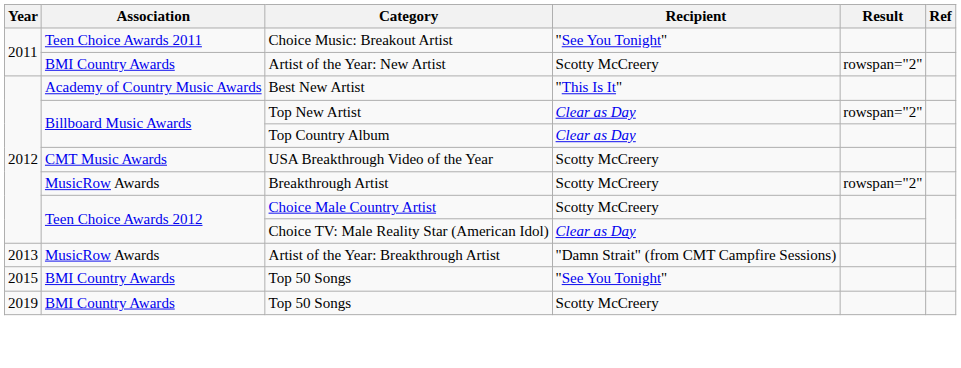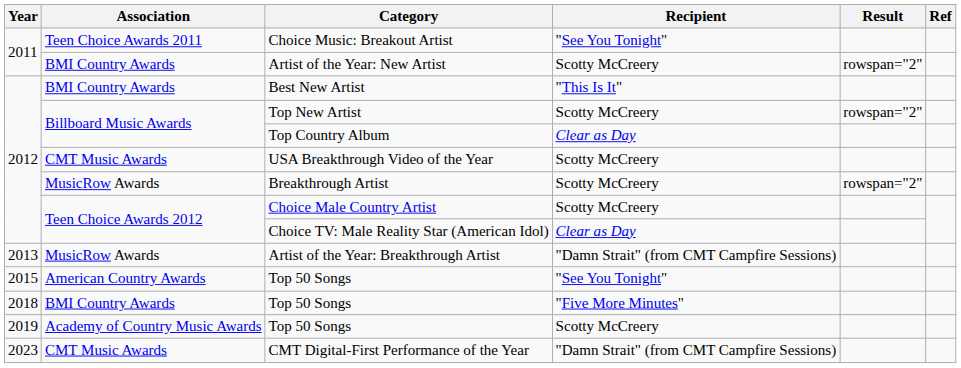 <table class="wikitable">
 <tr>
 <th>Year</th>
 <th>Association</th>
 <th>Category</th>
 <th>Recipient</th>
 <th>Result</th>
 <th>Ref</th>
 </tr>
 <tr>
 <td rowspan="2">2011</td>
 <td><a href='#'>Teen Choice Awards 2011</a></td>
 <td>Choice Music: Breakout Artist</td>
 <td>"<a href='#'>See You Tonight</a>"</td>
 <td></td>
 <td></td>
 </tr>
 <tr>
 <td><a href='#'>BMI Country Awards</a></td>
 <td>Artist of the Year: New Artist</td>
 <td>Scotty McCreery</td>
 <td>rowspan="2" </td>
 <td></td>
 </tr>
 <tr>
 <td rowspan="7">2012</td>
-<td><a href='#'>Academy of Country Music Awards</a></td>
+<td><a href='#'>BMI Country Awards</a></td>
 <td>Best New Artist</td>
 <td>"<a href='#'>This Is It</a>"</td>
 <td></td>
 </tr>
 <tr>
 <td rowspan="2"><a href='#'>Billboard Music Awards</a></td>
 <td>Top New Artist</td>
-<td><em><a href='#'>Clear as Day</a></em></td>
+<td>Scotty McCreery</td>
 <td>rowspan="2" </td>
 <td></td>
 </tr>
 <tr>
 <td>Top Country Album</td>
 <td><em><a href='#'>Clear as Day</a></em></td>
 <td></td>
 </tr>
 <tr>
 <td><a href='#'>CMT Music Awards</a></td>
 <td>USA Breakthrough Video of the Year</td>
 <td>Scotty McCreery</td>
 <td></td>
 <td></td>
 </tr>
 <tr>
 <td><a href='#'>MusicRow</a> Awards</td>
 <td>Breakthrough Artist</td>
 <td>Scotty McCreery</td>
 <td>rowspan="2" </td>
 <td></td>
 </tr>
 <tr>
 <td rowspan="2"><a href='#'>Teen Choice Awards 2012</a></td>
 <td><a href='#'>Choice Male Country Artist</a></td>
 <td>Scotty McCreery</td>
 <td></td>
 </tr>
 <tr>
 <td>Choice TV: Male Reality Star (American Idol)</td>
 <td><em><a href='#'>Clear as Day</a></em></td>
 <td></td>
 </tr>
 <tr>
 <td>2013</td>
 <td><a href='#'>MusicRow</a> Awards</td>
 <td>Artist of the Year: Breakthrough Artist</td>
 <td>"Damn Strait" (from CMT Campfire Sessions)</td>
 <td></td>
 <td></td>
 </tr>
 <tr>
 <td>2015</td>
-<td><a href='#'>BMI Country Awards</a></td>
+<td><a href='#'>American Country Awards</a></td>
 <td>Top 50 Songs</td>
 <td>"<a href='#'>See You Tonight</a>"</td>
 <td></td>
 <td></td>
 </tr>
 <tr>
+<td>2018</td>
+<td><a href='#'>BMI Country Awards</a></td>
+<td>Top 50 Songs</td>
+<td>"<a href='#'>Five More Minutes</a>"</td>
+<td></td>
+<td></td>
+</tr>
+<tr>
 <td>2019</td>
-<td><a href='#'>BMI Country Awards</a></td>
+<td><a href='#'>Academy of Country Music Awards</a></td>
 <td>Top 50 Songs</td>
 <td>Scotty McCreery</td>
 <td></td>
 <td></td>
 </tr>
+<tr>
+<td>2023</td>
+<td><a href='#'>CMT Music Awards</a></td>
+<td>CMT Digital-First Performance of the Year</td>
+<td>"Damn Strait" (from CMT Campfire Sessions)</td>
+<td></td>
+<td></td>
+</tr>
 </table>
